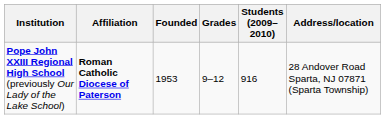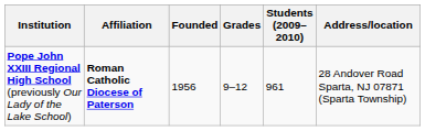 <table class="wikitable">
 <tr style="background:#ccc;">
 <th style="width:225px;">Institution</th>
 <th style="width:275px;">Affiliation</th>
 <th style="width:50px;">Founded</th>
 <th style="width:50px;">Grades</th>
 <th style="width:75px;">Students<br>(2009–2010)</th>
 <th style="width:200px;">Address/location</th>
 </tr>
 <tr>
 <td><strong><a href='#'>Pope John XXIII Regional High School</a></strong><br>(previously <em>Our Lady of the Lake School</em>)</td>
 <td><strong>Roman Catholic<br><a href='#'>Diocese of Paterson</a></strong></td>
-<td>1953</td>
+<td>1956</td>
 <td>9–12</td>
-<td>916</td>
+<td>961</td>
 <td>28 Andover Road<br>Sparta, NJ 07871<br>(Sparta Township)</td>
 </tr>
 </table>
